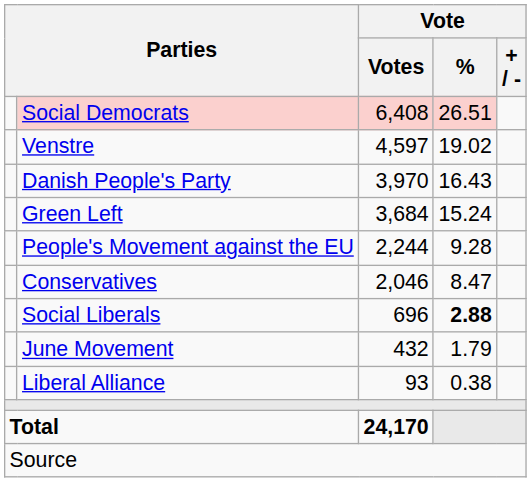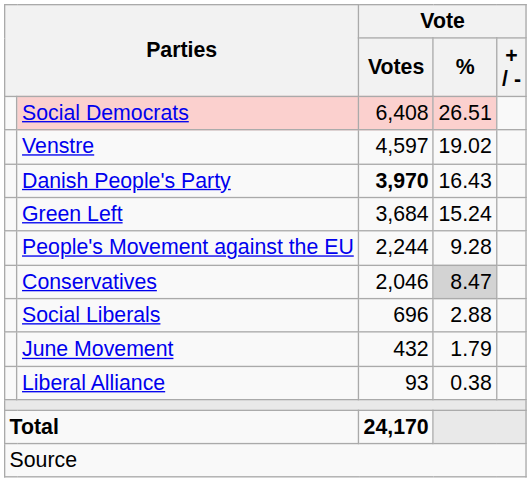 <table class="wikitable" style="text-align:right;">
 <tr>
 <th style="text-align:centre;" rowspan="2" colspan="2" width="225">Parties</th>
 <th colspan="3">Vote</th>
 </tr>
 <tr>
 <th width="15">Votes</th>
 <th width="15">%</th>
 <th width="15">+ / -</th>
 </tr>
 <tr>
 <td width="2" style="color:inherit;background:"></td>
 <td bgcolor=#fbd0ce   align="left"><a href='#'>Social Democrats</a></td>
 <td bgcolor=#fbd0ce>6,408</td>
 <td bgcolor=#fbd0ce>26.51</td>
 <td></td>
 </tr>
 <tr>
 <td width="2" style="color:inherit;background:"></td>
 <td align="left"><a href='#'>Venstre</a></td>
 <td>4,597</td>
 <td>19.02</td>
 <td></td>
 </tr>
 <tr>
 <td width="2" style="color:inherit;background:"></td>
 <td align="left"><a href='#'>Danish People's Party</a></td>
-<td>3,970</td>
+<td><strong>3,970</strong></td>
 <td>16.43</td>
 <td></td>
 </tr>
 <tr>
 <td width="2" style="color:inherit;background:"></td>
 <td align="left"><a href='#'>Green Left</a></td>
 <td>3,684</td>
 <td>15.24</td>
 <td></td>
 </tr>
 <tr>
 <td width="2" style="color:inherit;background:"></td>
 <td align="left"><a href='#'>People's Movement against the EU</a></td>
 <td>2,244</td>
 <td>9.28</td>
 <td></td>
 </tr>
 <tr>
 <td width="2" style="color:inherit;background:"></td>
 <td align="left"><a href='#'>Conservatives</a></td>
 <td>2,046</td>
-<td>8.47</td>
+<td style="background: lightgrey;">8.47</td>
 <td></td>
 </tr>
 <tr>
 <td width="2" style="color:inherit;background:"></td>
 <td align="left"><a href='#'>Social Liberals</a></td>
 <td>696</td>
-<td><strong>2.88</strong></td>
+<td>2.88</td>
 <td></td>
 </tr>
 <tr>
 <td width="2" style="color:inherit;background:"></td>
 <td align="left"><a href='#'>June Movement</a></td>
 <td>432</td>
 <td>1.79</td>
 <td></td>
 </tr>
 <tr>
 <td width="2" style="color:inherit;background:"></td>
 <td align="left"><a href='#'>Liberal Alliance</a></td>
 <td>93</td>
 <td>0.38</td>
 <td></td>
 </tr>
 <tr>
 <td colspan="7" bgcolor="#E9E9E9"></td>
 </tr>
 <tr>
 <td align="left" colspan="2"><strong>Total</strong></td>
 <td><strong>24,170</strong></td>
 <td bgcolor="#E9E9E9" colspan="2"></td>
 </tr>
 <tr>
 <td align="left" colspan="6">Source</td>
 </tr>
 </table>
